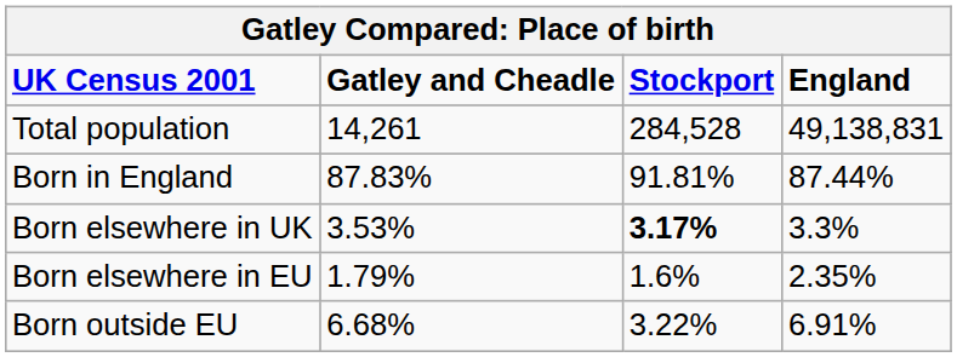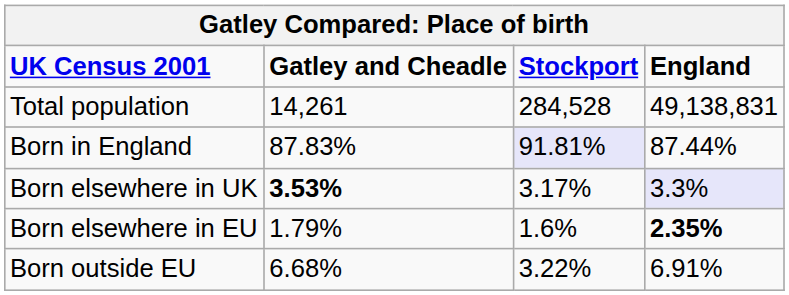 <table class="wikitable" id="toc" style="float: right">
 <tr>
 <th colspan="5"><strong>Gatley Compared: Place of birth</strong></th>
 </tr>
 <tr>
 <td><strong><a href='#'>UK Census 2001</a></strong></td>
 <td><strong>Gatley and Cheadle</strong></td>
 <td><strong><a href='#'>Stockport</a></strong></td>
 <td><strong>England</strong></td>
 </tr>
 <tr>
 <td>Total population</td>
 <td>14,261</td>
 <td>284,528</td>
 <td>49,138,831</td>
 </tr>
 <tr>
 <td>Born in England</td>
 <td>87.83%</td>
-<td>91.81%</td>
+<td style="background: lavender;">91.81%</td>
 <td>87.44%</td>
 </tr>
 <tr>
 <td>Born elsewhere in UK</td>
-<td>3.53%</td>
-<td><strong>3.17%</strong></td>
-<td>3.3%</td>
+<td><strong>3.53%</strong></td>
+<td>3.17%</td>
+<td style="background: lavender;">3.3%</td>
 </tr>
 <tr>
 <td>Born elsewhere in EU</td>
 <td>1.79%</td>
 <td>1.6%</td>
-<td>2.35%</td>
+<td><strong>2.35%</strong></td>
 </tr>
 <tr>
 <td>Born outside EU</td>
 <td>6.68%</td>
 <td>3.22%</td>
 <td>6.91%</td>
 </tr>
 </table>
